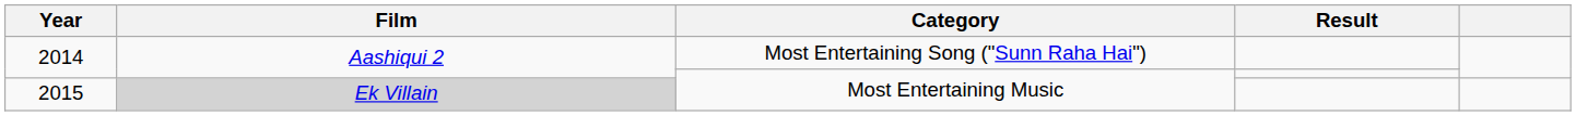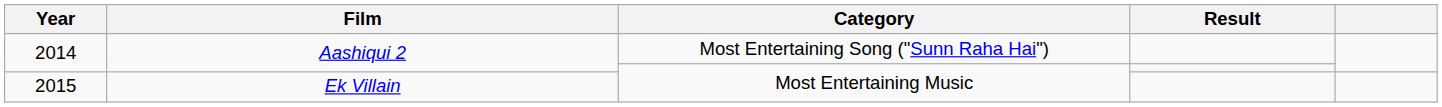 <table class="wikitable sortable">
 <tr>
 <th style="width:5%;">Year</th>
 <th style="width:25%;">Film</th>
 <th style="width:25%;">Category</th>
 <th style="width:10%;">Result</th>
 <th style="width:5%;"></th>
 </tr>
 <tr>
 <td style="text-align:center;" rowspan="2">2014</td>
 <td style="text-align:center;" rowspan="2"><em><a href='#'>Aashiqui 2</a></em></td>
 <td style="text-align:center;">Most Entertaining Song ("<a href='#'>Sunn Raha Hai</a>")</td>
 <td></td>
 <td rowspan="2"></td>
 </tr>
 <tr>
 <td style="text-align:center;" rowspan="2">Most Entertaining Music</td>
 <td></td>
 </tr>
 <tr>
 <td style="text-align:center;">2015</td>
-<td style="background: lightgrey; text-align:center;"><em><a href='#'>Ek Villain</a></em></td>
+<td style="text-align:center;"><em><a href='#'>Ek Villain</a></em></td>
 <td></td>
 <td></td>
 </tr>
 </table>
